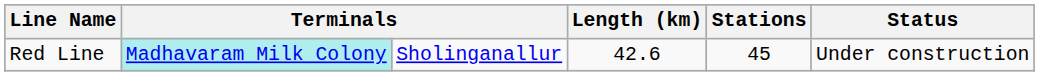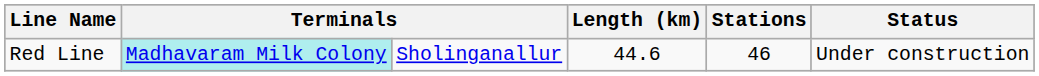 <table class="wikitable sortable" style="font-size:90%;">
 <tr>
 <th>Line Name</th>
 <th colspan="2">Terminals</th>
 <th>Length (km)</th>
 <th>Stations</th>
 <th>Status</th>
 </tr>
 <tr>
 <td style="background:#"><span>Red Line</span></td>
 <td style="background: paleturquoise;"><a href='#'>Madhavaram Milk Colony</a></td>
 <td><a href='#'>Sholinganallur</a></td>
-<td style="text-align:center;">42.6</td>
-<td style="text-align:center">45</td>
+<td style="text-align:center;">44.6</td>
+<td style="text-align:center">46</td>
 <td>Under construction</td>
 </tr>
 </table>
